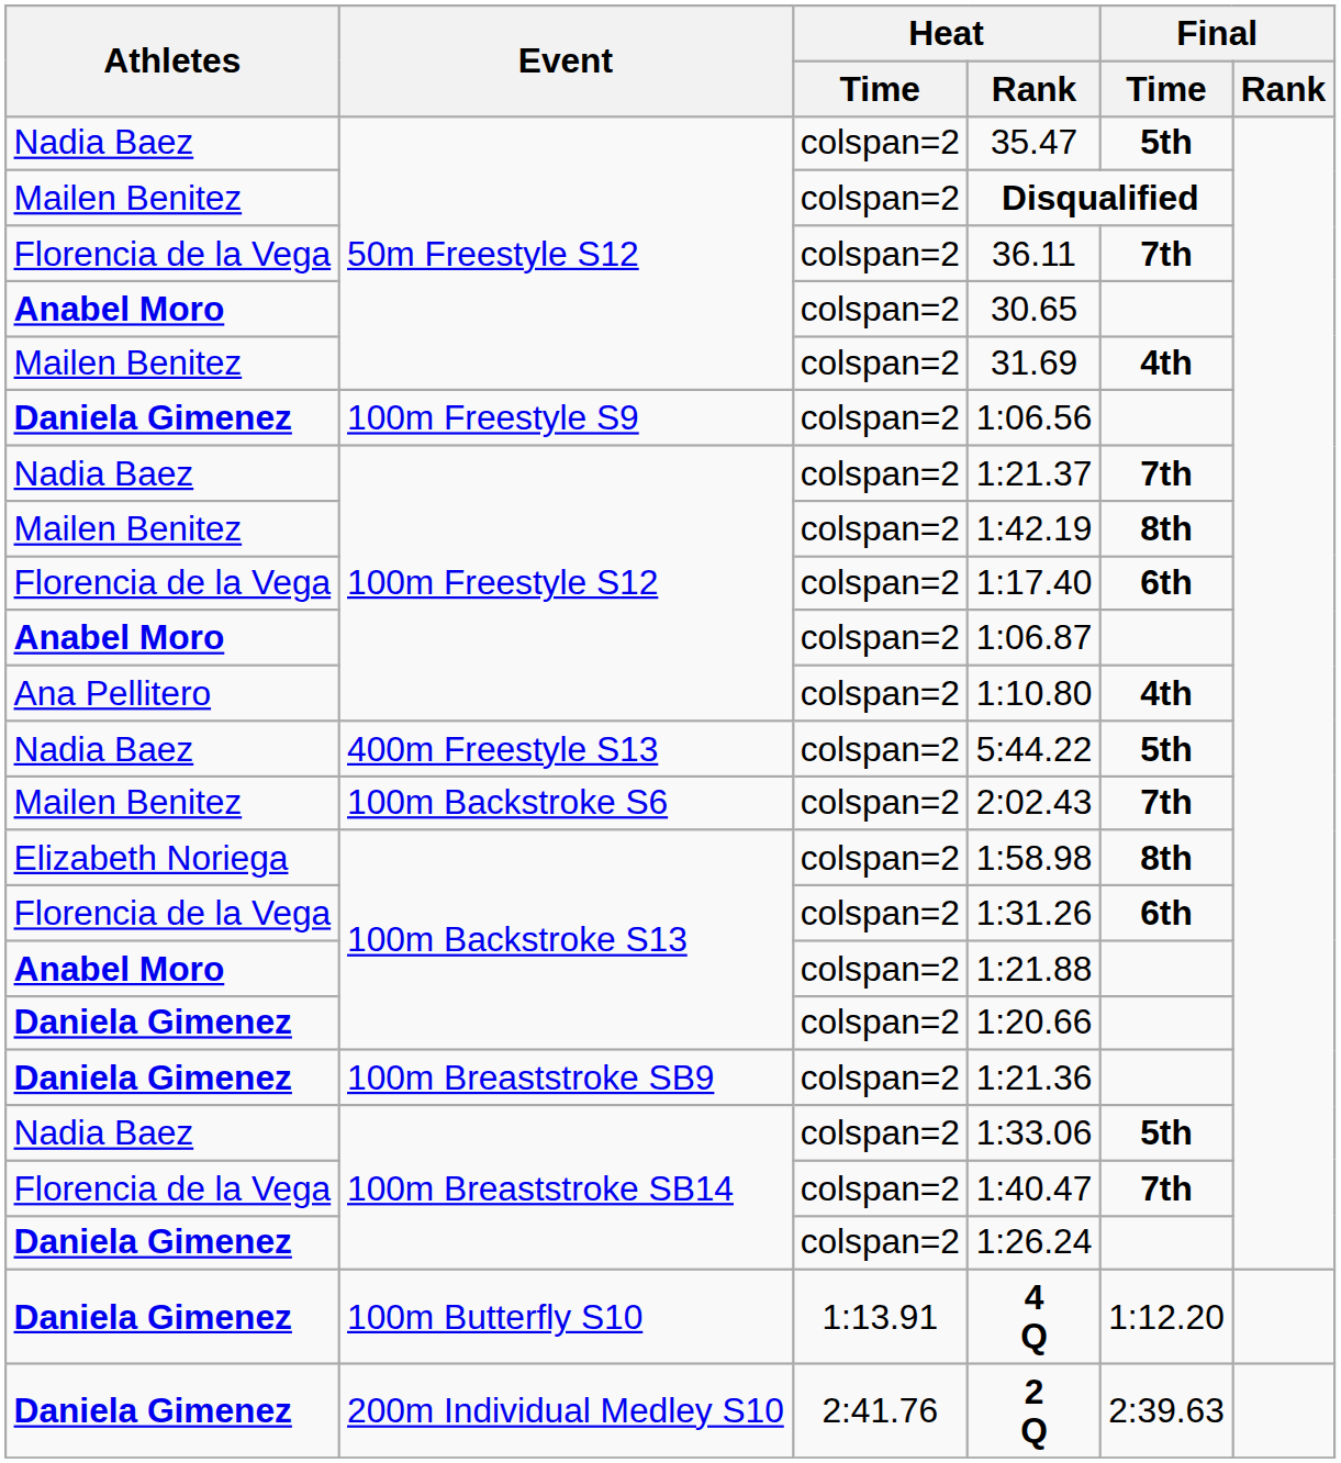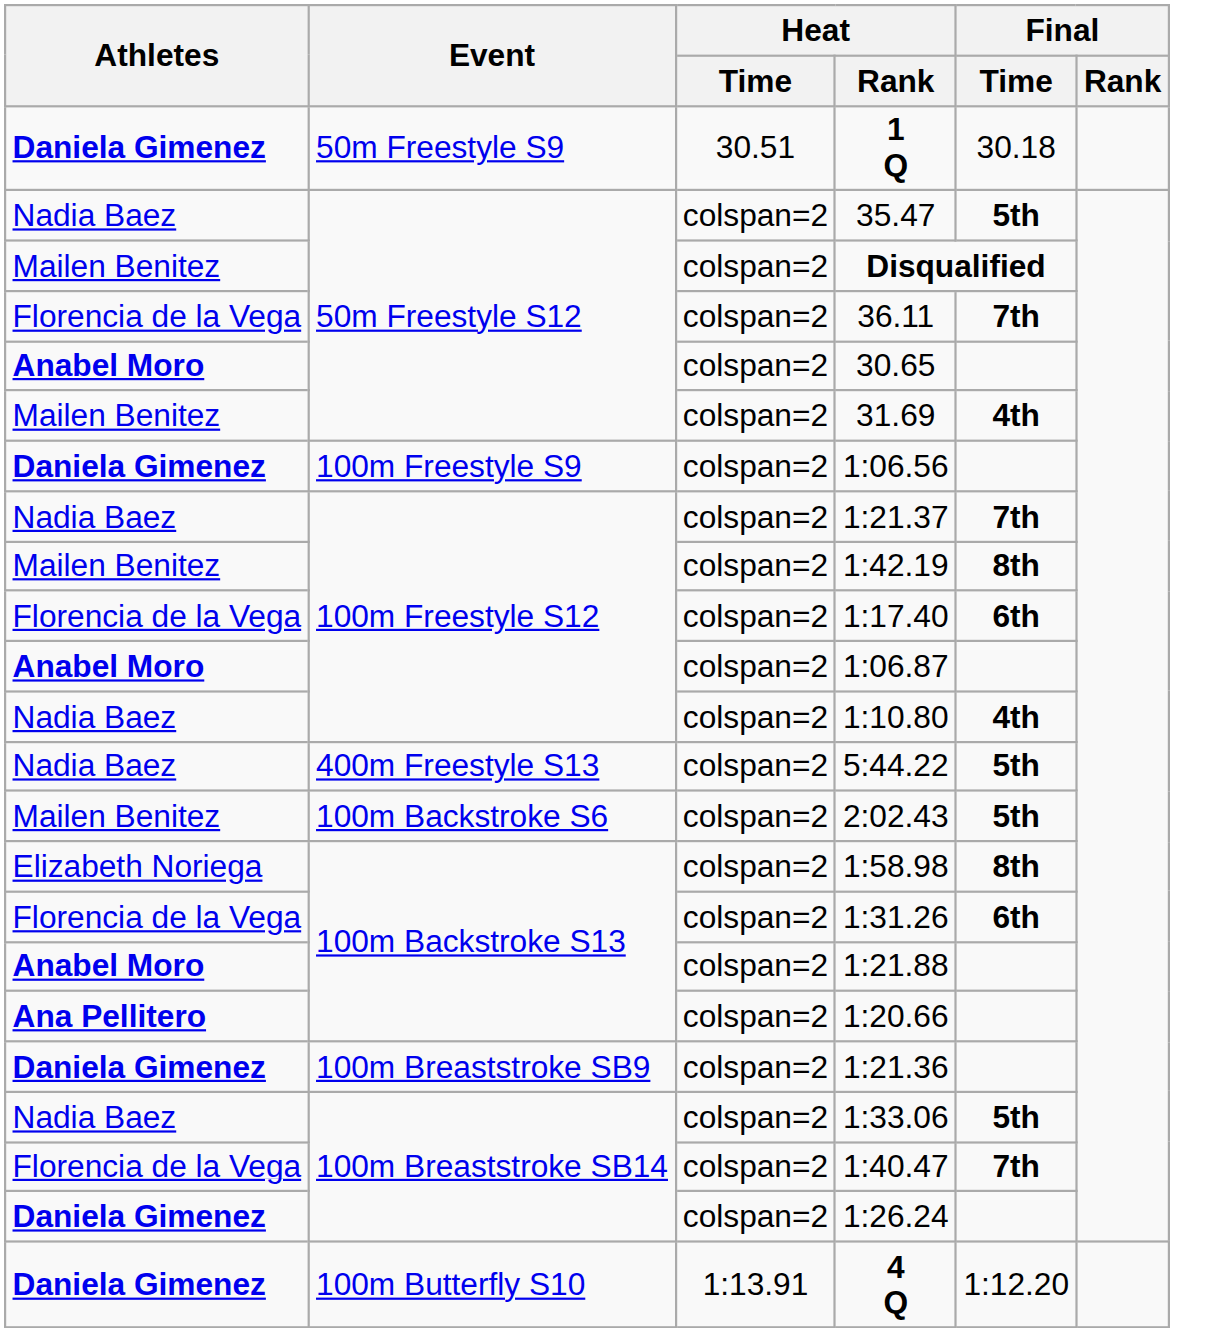 <table class="wikitable" border="1" style="font-size:90%">
 <tr>
 <th rowspan=2>Athletes</th>
 <th rowspan=2>Event</th>
 <th colspan=2>Heat</th>
 <th colspan=2>Final</th>
 </tr>
 <tr>
 <th>Time</th>
 <th>Rank</th>
 <th>Time</th>
 <th>Rank</th>
+</tr>
+<tr>
+<td><strong><a href='#'>Daniela Gimenez</a></strong></td>
+<td><a href='#'>50m Freestyle S9</a></td>
+<td align=center>30.51</td>
+<td align=center><strong>1</strong><br><strong>Q</strong></td>
+<td align=center>30.18</td>
+<td align=center></td>
 </tr>
 <tr>
 <td><a href='#'>Nadia Baez</a></td>
 <td rowspan=5><a href='#'>50m Freestyle S12</a></td>
 <td>colspan=2 </td>
 <td align=center>35.47</td>
 <td align=center><strong>5th</strong></td>
 </tr>
 <tr>
 <td><a href='#'>Mailen Benitez</a></td>
 <td>colspan=2 </td>
 <td align=center colspan=2><strong>Disqualified</strong></td>
 </tr>
 <tr>
 <td><a href='#'>Florencia de la Vega</a></td>
 <td>colspan=2 </td>
 <td align=center>36.11</td>
 <td align=center><strong>7th</strong></td>
 </tr>
 <tr>
 <td><strong><a href='#'>Anabel Moro</a></strong></td>
 <td>colspan=2 </td>
 <td align=center>30.65</td>
 <td align=center></td>
 </tr>
 <tr>
 <td><a href='#'>Mailen Benitez</a></td>
 <td>colspan=2 </td>
 <td align=center>31.69</td>
 <td align=center><strong>4th</strong></td>
 </tr>
 <tr>
 <td><strong><a href='#'>Daniela Gimenez</a></strong></td>
 <td><a href='#'>100m Freestyle S9</a></td>
 <td>colspan=2 </td>
 <td align=center>1:06.56</td>
 <td align=center></td>
 </tr>
 <tr>
 <td><a href='#'>Nadia Baez</a></td>
 <td rowspan=5><a href='#'>100m Freestyle S12</a></td>
 <td>colspan=2 </td>
 <td align=center>1:21.37</td>
 <td align=center><strong>7th</strong></td>
 </tr>
 <tr>
 <td><a href='#'>Mailen Benitez</a></td>
 <td>colspan=2 </td>
 <td align=center>1:42.19</td>
 <td align=center><strong>8th</strong></td>
 </tr>
 <tr>
 <td><a href='#'>Florencia de la Vega</a></td>
 <td>colspan=2 </td>
 <td align=center>1:17.40</td>
 <td align=center><strong>6th</strong></td>
 </tr>
 <tr>
 <td><strong><a href='#'>Anabel Moro</a></strong></td>
 <td>colspan=2 </td>
 <td align=center>1:06.87</td>
 <td align=center></td>
 </tr>
 <tr>
-<td><a href='#'>Ana Pellitero</a></td>
+<td><a href='#'>Nadia Baez</a></td>
 <td>colspan=2 </td>
 <td align=center>1:10.80</td>
 <td align=center><strong>4th</strong></td>
 </tr>
 <tr>
 <td><a href='#'>Nadia Baez</a></td>
 <td><a href='#'>400m Freestyle S13</a></td>
 <td>colspan=2 </td>
 <td align=center>5:44.22</td>
 <td align=center><strong>5th</strong></td>
 </tr>
 <tr>
 <td><a href='#'>Mailen Benitez</a></td>
 <td><a href='#'>100m Backstroke S6</a></td>
 <td>colspan=2 </td>
 <td align=center>2:02.43</td>
-<td align=center><strong>7th</strong></td>
+<td align=center><strong>5th</strong></td>
 </tr>
 <tr>
 <td><a href='#'>Elizabeth Noriega</a></td>
 <td rowspan=4><a href='#'>100m Backstroke S13</a></td>
 <td>colspan=2 </td>
 <td align=center>1:58.98</td>
 <td align=center><strong>8th</strong></td>
 </tr>
 <tr>
 <td><a href='#'>Florencia de la Vega</a></td>
 <td>colspan=2 </td>
 <td align=center>1:31.26</td>
 <td align=center><strong>6th</strong></td>
 </tr>
 <tr>
 <td><strong><a href='#'>Anabel Moro</a></strong></td>
 <td>colspan=2 </td>
 <td align=center>1:21.88</td>
 <td align=center></td>
 </tr>
 <tr>
-<td><strong><a href='#'>Daniela Gimenez</a></strong></td>
+<td><strong><a href='#'>Ana Pellitero</a></strong></td>
 <td>colspan=2 </td>
 <td align=center>1:20.66</td>
 <td align=center></td>
 </tr>
 <tr>
 <td><strong><a href='#'>Daniela Gimenez</a></strong></td>
 <td><a href='#'>100m Breaststroke SB9</a></td>
 <td>colspan=2 </td>
 <td align=center>1:21.36</td>
 <td align=center></td>
 </tr>
 <tr>
 <td><a href='#'>Nadia Baez</a></td>
 <td rowspan=3><a href='#'>100m Breaststroke SB14</a></td>
 <td>colspan=2 </td>
 <td align=center>1:33.06</td>
 <td align=center><strong>5th</strong></td>
 </tr>
 <tr>
 <td><a href='#'>Florencia de la Vega</a></td>
 <td>colspan=2 </td>
 <td align=center>1:40.47</td>
 <td align=center><strong>7th</strong></td>
 </tr>
 <tr>
 <td><strong><a href='#'>Daniela Gimenez</a></strong></td>
 <td>colspan=2 </td>
 <td align=center>1:26.24</td>
 <td align=center></td>
 </tr>
 <tr>
 <td><strong><a href='#'>Daniela Gimenez</a></strong></td>
 <td><a href='#'>100m Butterfly S10</a></td>
 <td align=center>1:13.91</td>
 <td align=center><strong>4</strong><br><strong>Q</strong></td>
 <td align=center>1:12.20</td>
 <td align=center></td>
 </tr>
-<tr>
-<td><strong><a href='#'>Daniela Gimenez</a></strong></td>
-<td><a href='#'>200m Individual Medley S10</a></td>
-<td align=center>2:41.76</td>
-<td align=center><strong>2</strong><br><strong>Q</strong></td>
-<td align=center>2:39.63</td>
-<td align=center></td>
-</tr>
 </table>
